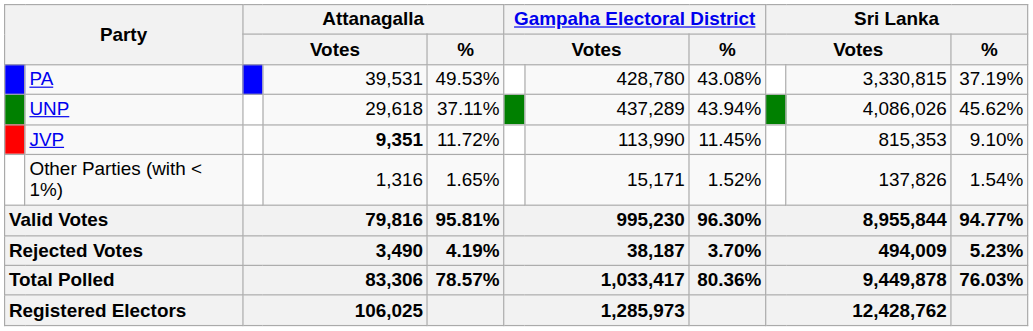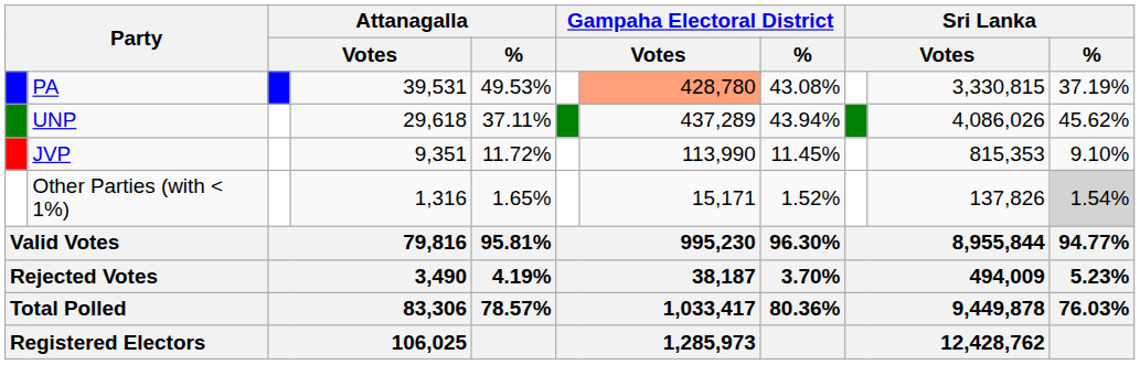 <table class="wikitable">
 <tr>
 <th colspan="2" width="144px"rowspan="2">Party</th>
 <th colspan="3" width="216px">Attanagalla</th>
 <th colspan="3" width="216px"><a href='#'>Gampaha Electoral District</a></th>
 <th colspan="3" width="216px">Sri Lanka</th>
 </tr>
 <tr>
 <th colspan="2" width="144px">Votes</th>
 <th>%</th>
 <th colspan="2" width="144px">Votes</th>
 <th>%</th>
 <th colspan="2" width="144px">Votes</th>
 <th>%</th>
 </tr>
 <tr>
 <td style="background-color:blue;" width="10px"></td>
 <td style="text-align:left;"><a href='#'>PA</a></td>
 <td style="background-color:blue;" width="10px"></td>
 <td style="text-align:right;">39,531</td>
 <td style="text-align:right;">49.53%</td>
 <td style="background-color:white;" width="10px"></td>
-<td style="text-align:right;">428,780</td>
+<td style="background: lightsalmon; text-align:right;">428,780</td>
 <td style="text-align:right;">43.08%</td>
 <td style="background-color:white;" width="10px"></td>
 <td style="text-align:right;">3,330,815</td>
 <td style="text-align:right;">37.19%</td>
 </tr>
 <tr>
 <td style="background-color:green;" width="10px"></td>
 <td style="text-align:left;"><a href='#'>UNP</a></td>
 <td style="background-color:white;" width="10px"></td>
 <td style="text-align:right;">29,618</td>
 <td style="text-align:right;">37.11%</td>
 <td style="background-color:green;" width="10px"></td>
 <td style="text-align:right;">437,289</td>
 <td style="text-align:right;">43.94%</td>
 <td style="background-color:green;" width="10px"></td>
 <td style="text-align:right;">4,086,026</td>
 <td style="text-align:right;">45.62%</td>
 </tr>
 <tr>
 <td style="background-color:red;" width="10px"></td>
 <td style="text-align:left;"><a href='#'>JVP</a></td>
 <td style="background-color:white;" width="10px"></td>
-<td style="text-align:right;"><strong>9,351</strong></td>
+<td style="text-align:right;">9,351</td>
 <td style="text-align:right;">11.72%</td>
 <td style="background-color:white;" width="10px"></td>
 <td style="text-align:right;">113,990</td>
 <td style="text-align:right;">11.45%</td>
 <td style="background-color:white;" width="10px"></td>
 <td style="text-align:right;">815,353</td>
 <td style="text-align:right;">9.10%</td>
 </tr>
 <tr>
 <td style="background-color:white;" width="10px"></td>
 <td style="text-align:left;">Other Parties (with < 1%)</td>
 <td style="background-color:white;" width="10px"></td>
 <td style="text-align:right;">1,316</td>
 <td style="text-align:right;">1.65%</td>
 <td style="background-color:white;" width="10px"></td>
 <td style="text-align:right;">15,171</td>
 <td style="text-align:right;">1.52%</td>
 <td style="background-color:white;" width="10px"></td>
 <td style="text-align:right;">137,826</td>
-<td style="text-align:right;">1.54%</td>
+<td style="background: lightgrey; text-align:right;">1.54%</td>
 </tr>
 <tr>
 <th colspan="2" width="144px"style="text-align:left;">Valid Votes</th>
 <th style="text-align:right;"colspan="2" width="144px">79,816</th>
 <th style="text-align:right;">95.81%</th>
 <th style="text-align:right;"colspan="2" width="144px">995,230</th>
 <th style="text-align:right;">96.30%</th>
 <th style="text-align:right;"colspan="2" width="144px">8,955,844</th>
 <th style="text-align:right;">94.77%</th>
 </tr>
 <tr>
 <th colspan="2" width="144px"style="text-align:left;">Rejected Votes</th>
 <th style="text-align:right;"colspan="2" width="144px">3,490</th>
 <th style="text-align:right;">4.19%</th>
 <th style="text-align:right;"colspan="2" width="144px">38,187</th>
 <th style="text-align:right;">3.70%</th>
 <th style="text-align:right;"colspan="2" width="144px">494,009</th>
 <th style="text-align:right;">5.23%</th>
 </tr>
 <tr>
 <th colspan="2" width="144px"style="text-align:left;">Total Polled</th>
 <th style="text-align:right;"colspan="2" width="144px">83,306</th>
 <th style="text-align:right;">78.57%</th>
 <th style="text-align:right;"colspan="2" width="144px">1,033,417</th>
 <th style="text-align:right;">80.36%</th>
 <th style="text-align:right;"colspan="2" width="144px">9,449,878</th>
 <th style="text-align:right;">76.03%</th>
 </tr>
 <tr>
 <th colspan="2" width="144px"style="text-align:left;">Registered Electors</th>
 <th style="text-align:right;"colspan="2" width="144px">106,025</th>
 <th></th>
 <th style="text-align:right;"colspan="2" width="144px">1,285,973</th>
 <th></th>
 <th style="text-align:right;"colspan="2" width="144px">12,428,762</th>
 <th></th>
 </tr>
 </table>
